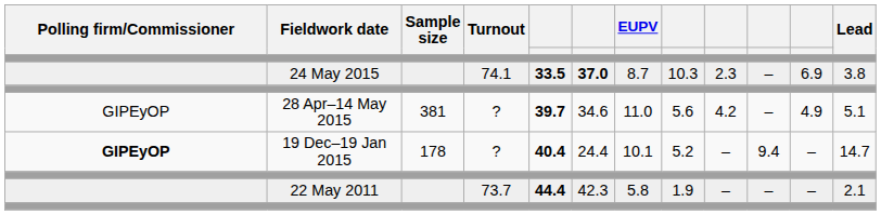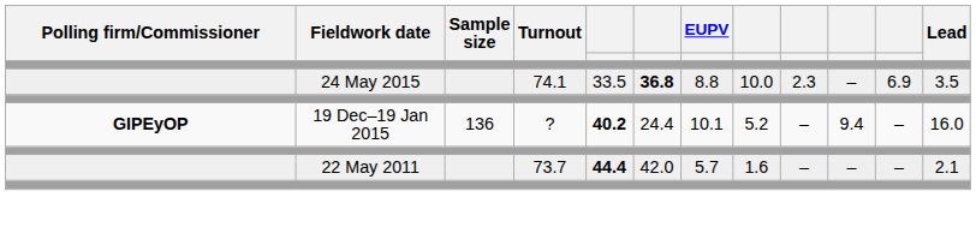 <table class="wikitable collapsible collapsed" style="text-align:center; font-size:95%; line-height:16px;">
 <tr style="height:42px;">
 <th style="width:250px;" rowspan="2">Polling firm/Commissioner</th>
 <th style="width:125px;" rowspan="2">Fieldwork date</th>
 <th style="width:50px;" rowspan="2">Sample size</th>
 <th style="width:45px;" rowspan="2">Turnout</th>
 <th style="width:35px;"></th>
 <th style="width:35px;"></th>
 <th style="width:35px; font-size:95%;"><a href='#'>EUPV</a></th>
 <th style="width:35px;"></th>
 <th style="width:35px;"></th>
 <th style="width:35px;"></th>
 <th style="width:35px;"></th>
 <th style="width:30px;" rowspan="2">Lead</th>
 </tr>
 <tr>
 <th style="color:inherit;background:"></th>
 <th style="color:inherit;background:"></th>
 <th style="color:inherit;background:"></th>
 <th style="color:inherit;background:"></th>
 <th style="color:inherit;background:"></th>
 <th style="color:inherit;background:"></th>
 <th style="color:inherit;background:"></th>
 </tr>
 <tr>
 <td colspan="12" style="background:#A0A0A0"></td>
 </tr>
 <tr style="background:#EFEFEF;">
 <td><strong></strong></td>
 <td>24 May 2015</td>
 <td></td>
 <td>74.1</td>
-<td><strong>33.5<br></strong></td>
-<td><strong>37.0</strong><br></td>
-<td>8.7<br></td>
-<td>10.3<br></td>
+<td>33.5<br></td>
+<td><strong>36.8</strong><br></td>
+<td>8.8<br></td>
+<td>10.0<br></td>
 <td>2.3<br></td>
 <td>–</td>
 <td>6.9<br></td>
-<td style="background:">3.8</td>
+<td style="background:">3.5</td>
 </tr>
 <tr>
 <td colspan="12" style="background:#A0A0A0"></td>
 </tr>
 <tr>
-<td>GIPEyOP</td>
-<td>28 Apr–14 May 2015</td>
-<td>381</td>
-<td>?</td>
-<td><strong>39.7</strong><br></td>
-<td>34.6<br></td>
-<td>11.0<br></td>
-<td>5.6<br></td>
-<td>4.2<br></td>
-<td>–</td>
-<td>4.9<br></td>
-<td style="background:">5.1</td>
-</tr>
-<tr>
 <td><strong>GIPEyOP</strong></td>
 <td>19 Dec–19 Jan 2015</td>
-<td>178</td>
+<td>136</td>
 <td>?</td>
-<td><strong>40.4</strong><br></td>
+<td><strong>40.2</strong><br></td>
 <td>24.4<br></td>
 <td>10.1<br></td>
 <td>5.2<br></td>
 <td>–</td>
 <td>9.4<br></td>
 <td>–</td>
-<td style="background:">14.7</td>
+<td style="background:">16.0</td>
 </tr>
 <tr>
 <td colspan="12" style="background:#A0A0A0"></td>
 </tr>
 <tr style="background:#EFEFEF;">
 <td><strong></strong></td>
 <td>22 May 2011</td>
 <td></td>
 <td>73.7</td>
 <td><strong>44.4</strong><br></td>
-<td>42.3<br></td>
-<td>5.8<br></td>
-<td>1.9<br></td>
+<td>42.0<br></td>
+<td>5.7<br></td>
+<td>1.6<br></td>
 <td>–</td>
 <td>–</td>
 <td>–</td>
 <td style="background:">2.1</td>
 </tr>
 <tr>
 <td colspan="12" style="background:#A0A0A0"></td>
 </tr>
 </table>
